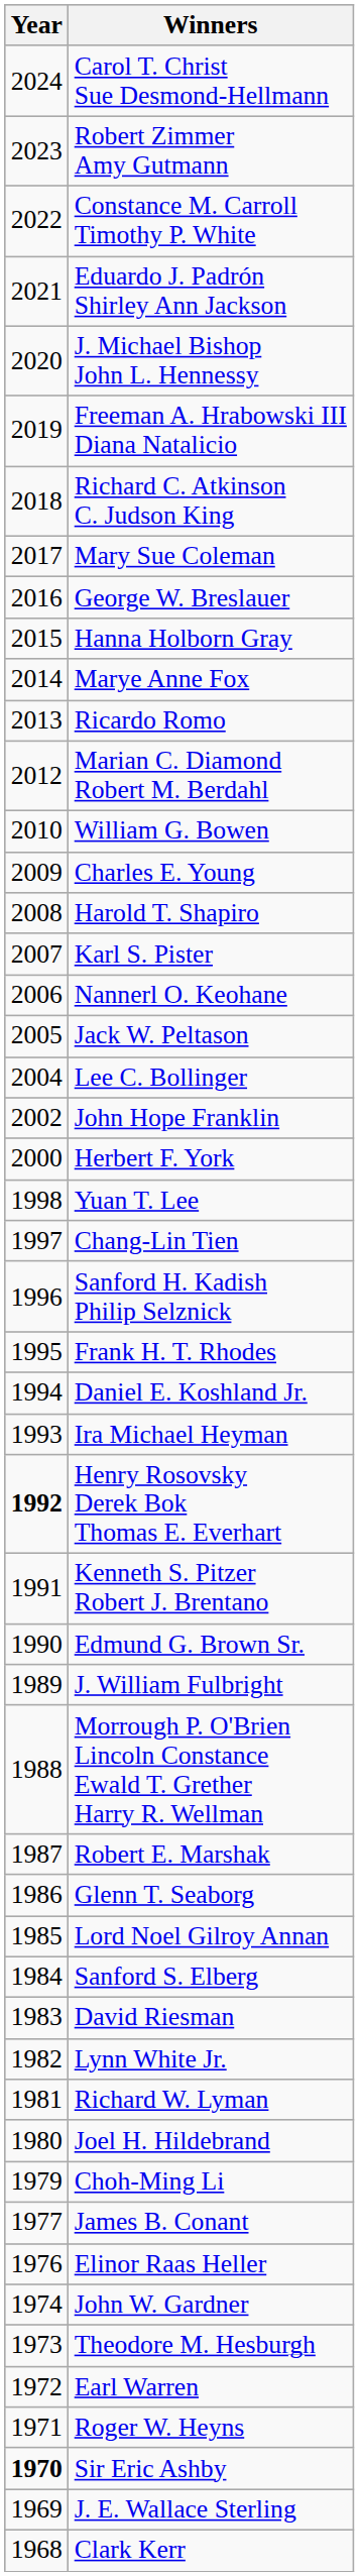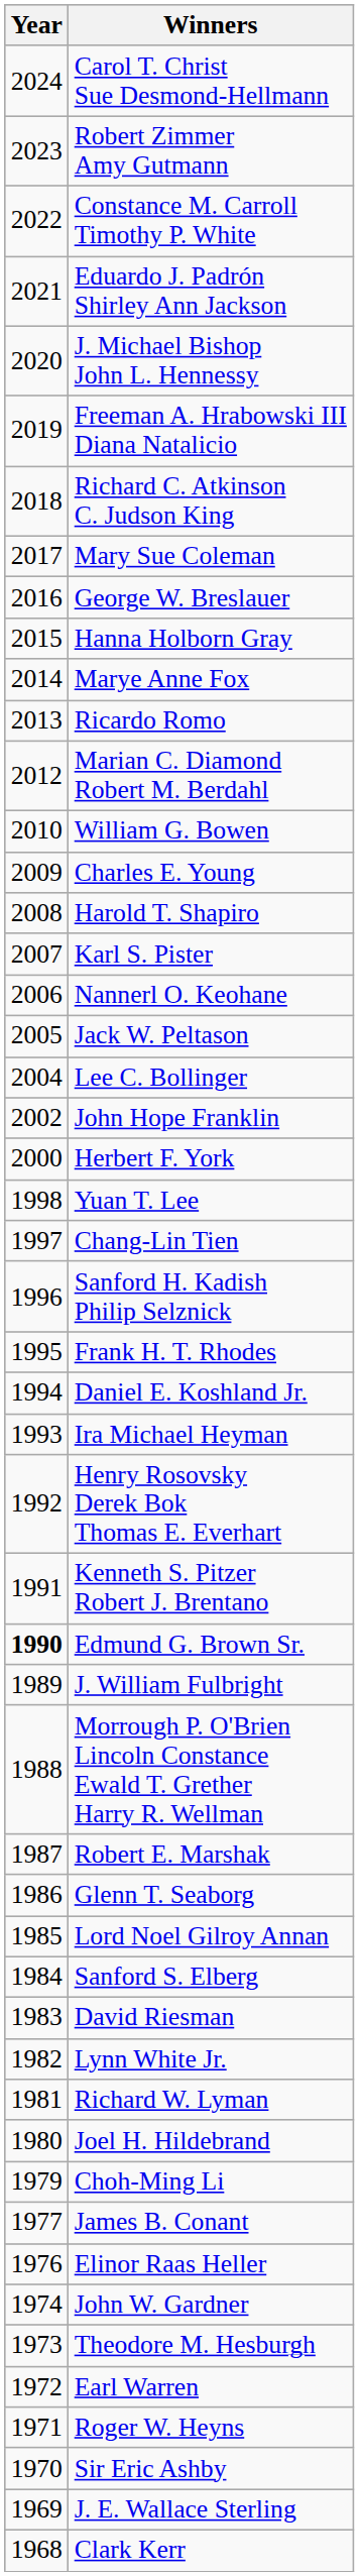 <table class="wikitable sortable mw-collapsible">
 <tr>
 <th>Year</th>
 <th>Winners</th>
 </tr>
 <tr>
 <td>2024</td>
 <td><a href='#'>Carol T. Christ</a><br><a href='#'>Sue Desmond-Hellmann</a></td>
 </tr>
 <tr>
 <td>2023</td>
 <td><a href='#'>Robert Zimmer</a><br><a href='#'>Amy Gutmann</a></td>
 </tr>
 <tr>
 <td>2022</td>
 <td><a href='#'>Constance M. Carroll</a><br><a href='#'>Timothy P. White</a></td>
 </tr>
 <tr>
 <td>2021</td>
 <td><a href='#'>Eduardo J. Padrón</a><br><a href='#'>Shirley Ann Jackson</a></td>
 </tr>
 <tr>
 <td>2020</td>
 <td><a href='#'>J. Michael Bishop</a><br><a href='#'>John L. Hennessy</a></td>
 </tr>
 <tr>
 <td>2019</td>
 <td><a href='#'>Freeman A. Hrabowski III</a><br><a href='#'>Diana Natalicio</a></td>
 </tr>
 <tr>
 <td>2018</td>
 <td><a href='#'>Richard C. Atkinson</a><br><a href='#'>C. Judson King</a></td>
 </tr>
 <tr>
 <td>2017</td>
 <td><a href='#'>Mary Sue Coleman</a></td>
 </tr>
 <tr>
 <td>2016</td>
 <td><a href='#'>George W. Breslauer</a></td>
 </tr>
 <tr>
 <td>2015</td>
 <td><a href='#'>Hanna Holborn Gray</a></td>
 </tr>
 <tr>
 <td>2014</td>
 <td><a href='#'>Marye Anne Fox</a></td>
 </tr>
 <tr>
 <td>2013</td>
 <td><a href='#'>Ricardo Romo</a></td>
 </tr>
 <tr>
 <td>2012</td>
 <td><a href='#'>Marian C. Diamond</a><br><a href='#'>Robert M. Berdahl</a></td>
 </tr>
 <tr>
 <td>2010</td>
 <td><a href='#'>William G. Bowen</a></td>
 </tr>
 <tr>
 <td>2009</td>
 <td><a href='#'>Charles E. Young</a></td>
 </tr>
 <tr>
 <td>2008</td>
 <td><a href='#'>Harold T. Shapiro</a></td>
 </tr>
 <tr>
 <td>2007</td>
 <td><a href='#'>Karl S. Pister</a></td>
 </tr>
 <tr>
 <td>2006</td>
 <td><a href='#'>Nannerl O. Keohane</a></td>
 </tr>
 <tr>
 <td>2005</td>
 <td><a href='#'>Jack W. Peltason</a></td>
 </tr>
 <tr>
 <td>2004</td>
 <td><a href='#'>Lee C. Bollinger</a></td>
 </tr>
 <tr>
 <td>2002</td>
 <td><a href='#'>John Hope Franklin</a></td>
 </tr>
 <tr>
 <td>2000</td>
 <td><a href='#'>Herbert F. York</a></td>
 </tr>
 <tr>
 <td>1998</td>
 <td><a href='#'>Yuan T. Lee</a></td>
 </tr>
 <tr>
 <td>1997</td>
 <td><a href='#'>Chang-Lin Tien</a></td>
 </tr>
 <tr>
 <td>1996</td>
 <td><a href='#'>Sanford H. Kadish</a><br><a href='#'>Philip Selznick</a></td>
 </tr>
 <tr>
 <td>1995</td>
 <td><a href='#'>Frank H. T. Rhodes</a></td>
 </tr>
 <tr>
 <td>1994</td>
 <td><a href='#'>Daniel E. Koshland Jr.</a></td>
 </tr>
 <tr>
 <td>1993</td>
 <td><a href='#'>Ira Michael Heyman</a></td>
 </tr>
 <tr>
-<td><strong>1992</strong></td>
+<td>1992</td>
 <td><a href='#'>Henry Rosovsky</a><br><a href='#'>Derek Bok</a><br><a href='#'>Thomas E. Everhart</a></td>
 </tr>
 <tr>
 <td>1991</td>
 <td><a href='#'>Kenneth S. Pitzer</a><br><a href='#'>Robert J. Brentano</a></td>
 </tr>
 <tr>
-<td>1990</td>
+<td><strong>1990</strong></td>
 <td><a href='#'>Edmund G. Brown Sr.</a></td>
 </tr>
 <tr>
 <td>1989</td>
 <td><a href='#'>J. William Fulbright</a></td>
 </tr>
 <tr>
 <td>1988</td>
 <td><a href='#'>Morrough P. O'Brien</a><br><a href='#'>Lincoln Constance</a><br><a href='#'>Ewald T. Grether</a><br><a href='#'>Harry R. Wellman</a></td>
 </tr>
 <tr>
 <td>1987</td>
 <td><a href='#'>Robert E. Marshak</a></td>
 </tr>
 <tr>
 <td>1986</td>
 <td><a href='#'>Glenn T. Seaborg</a></td>
 </tr>
 <tr>
 <td>1985</td>
 <td><a href='#'>Lord Noel Gilroy Annan</a></td>
 </tr>
 <tr>
 <td>1984</td>
 <td><a href='#'>Sanford S. Elberg</a></td>
 </tr>
 <tr>
 <td>1983</td>
 <td><a href='#'>David Riesman</a></td>
 </tr>
 <tr>
 <td>1982</td>
 <td><a href='#'>Lynn White Jr.</a></td>
 </tr>
 <tr>
 <td>1981</td>
 <td><a href='#'>Richard W. Lyman</a></td>
 </tr>
 <tr>
 <td>1980</td>
 <td><a href='#'>Joel H. Hildebrand</a></td>
 </tr>
 <tr>
 <td>1979</td>
 <td><a href='#'>Choh-Ming Li</a></td>
 </tr>
 <tr>
 <td>1977</td>
 <td><a href='#'>James B. Conant</a></td>
 </tr>
 <tr>
 <td>1976</td>
 <td><a href='#'>Elinor Raas Heller</a></td>
 </tr>
 <tr>
 <td>1974</td>
 <td><a href='#'>John W. Gardner</a></td>
 </tr>
 <tr>
 <td>1973</td>
 <td><a href='#'>Theodore M. Hesburgh</a></td>
 </tr>
 <tr>
 <td>1972</td>
 <td><a href='#'>Earl Warren</a></td>
 </tr>
 <tr>
 <td>1971</td>
 <td><a href='#'>Roger W. Heyns</a></td>
 </tr>
 <tr>
-<td><strong>1970</strong></td>
+<td>1970</td>
 <td><a href='#'>Sir Eric Ashby</a></td>
 </tr>
 <tr>
 <td>1969</td>
 <td><a href='#'>J. E. Wallace Sterling</a></td>
 </tr>
 <tr>
 <td>1968</td>
 <td><a href='#'>Clark Kerr</a></td>
 </tr>
 </table>
